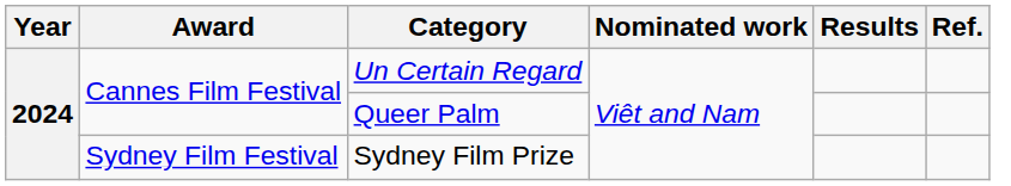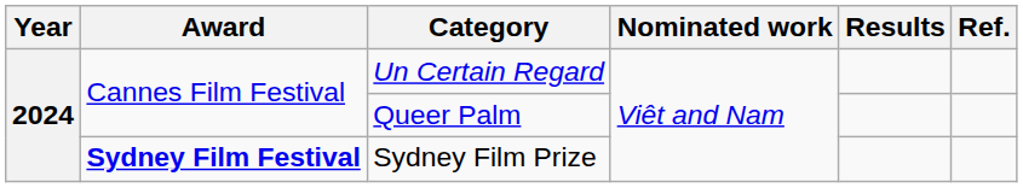 <table class="wikitable sortable plainrowheaders">
 <tr>
 <th scope="col">Year</th>
 <th scope="col">Award</th>
 <th scope="col">Category</th>
 <th scope="col">Nominated work</th>
 <th scope="col">Results</th>
 <th scope="col">Ref.</th>
 </tr>
 <tr>
 <th scope="row" rowspan="3">2024</th>
 <td rowspan="2"><a href='#'>Cannes Film Festival</a></td>
 <td><em><a href='#'>Un Certain Regard</a></em></td>
 <td rowspan="3"><em><a href='#'>Viêt and Nam</a></em></td>
 <td></td>
 <td align="center"></td>
 </tr>
 <tr>
 <td><a href='#'>Queer Palm</a></td>
 <td></td>
 <td align="center"></td>
 </tr>
 <tr>
-<td><a href='#'>Sydney Film Festival</a></td>
+<td><strong><a href='#'>Sydney Film Festival</a></strong></td>
 <td>Sydney Film Prize</td>
 <td></td>
 <td align="center"></td>
 </tr>
 </table>
